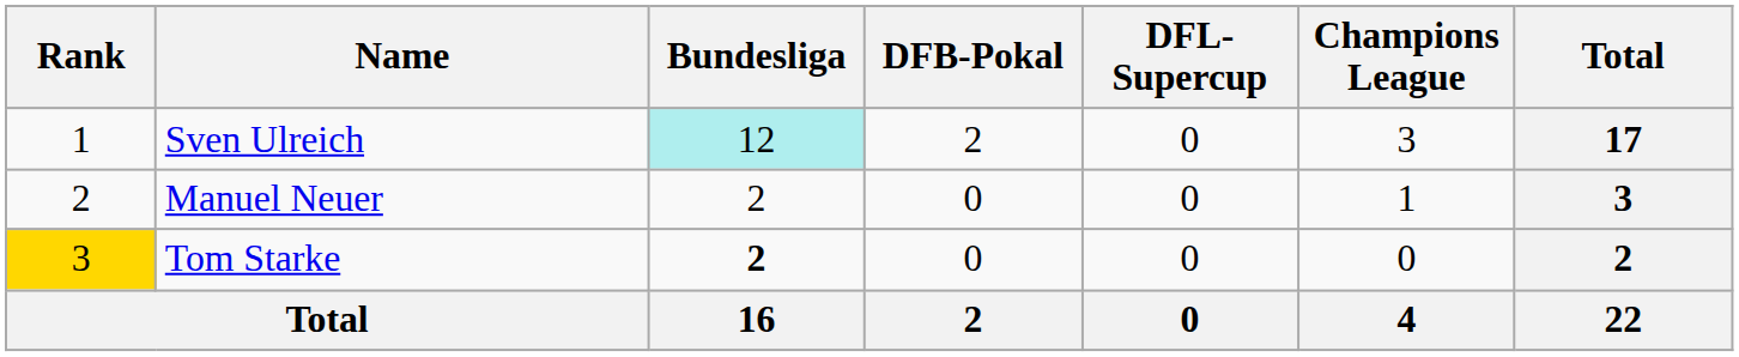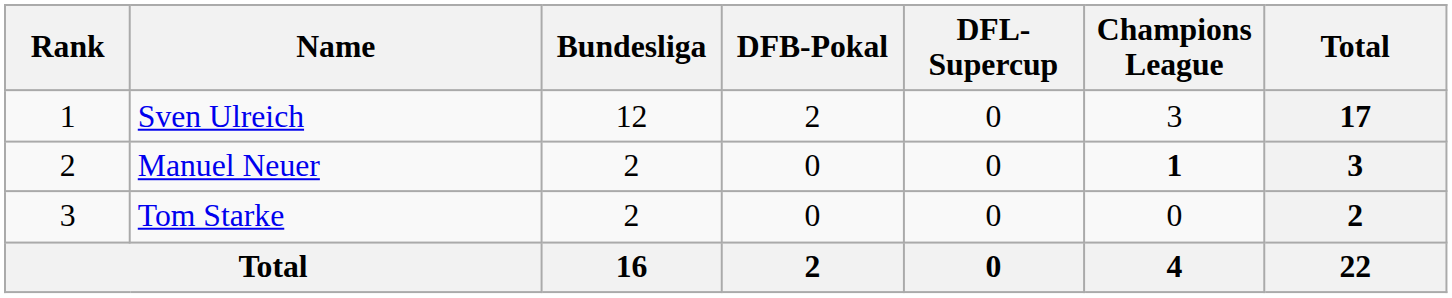 <table class="wikitable" style="text-align:center;">
 <tr>
 <th style="width:56px;">Rank</th>
 <th style="width:200px;">Name</th>
 <th style="width:84px;">Bundesliga</th>
 <th style="width:84px;">DFB-Pokal</th>
 <th style="width:84px;">DFL-Supercup</th>
 <th style="width:84px;">Champions League</th>
 <th style="width:84px;">Total</th>
 </tr>
 <tr>
 <td>1</td>
 <td align=left> <a href='#'>Sven Ulreich</a></td>
-<td style="background: paleturquoise;">12</td>
+<td>12</td>
 <td>2</td>
 <td>0</td>
 <td>3</td>
 <th>17</th>
 </tr>
 <tr>
 <td>2</td>
 <td align=left> <a href='#'>Manuel Neuer</a></td>
 <td>2</td>
 <td>0</td>
 <td>0</td>
-<td>1</td>
+<td><strong>1</strong></td>
 <th>3</th>
 </tr>
 <tr>
-<td style="background: gold;">3</td>
+<td>3</td>
 <td align=left> <a href='#'>Tom Starke</a></td>
-<td><strong>2</strong></td>
+<td>2</td>
 <td>0</td>
 <td>0</td>
 <td>0</td>
 <th>2</th>
 </tr>
 <tr>
 <th colspan="2">Total</th>
 <th>16</th>
 <th>2</th>
 <th>0</th>
 <th>4</th>
 <th>22</th>
 </tr>
 </table>
